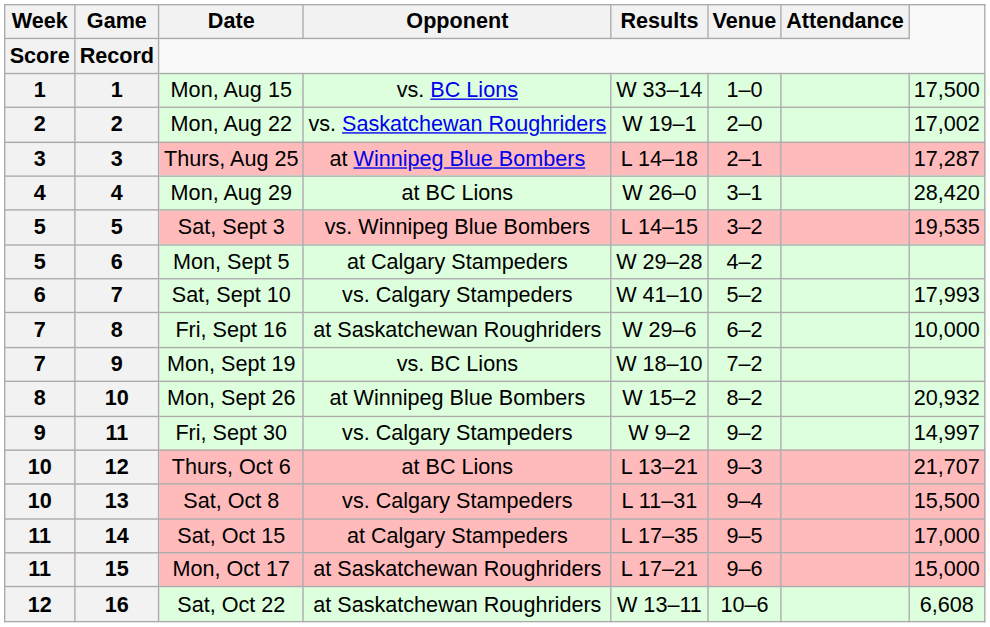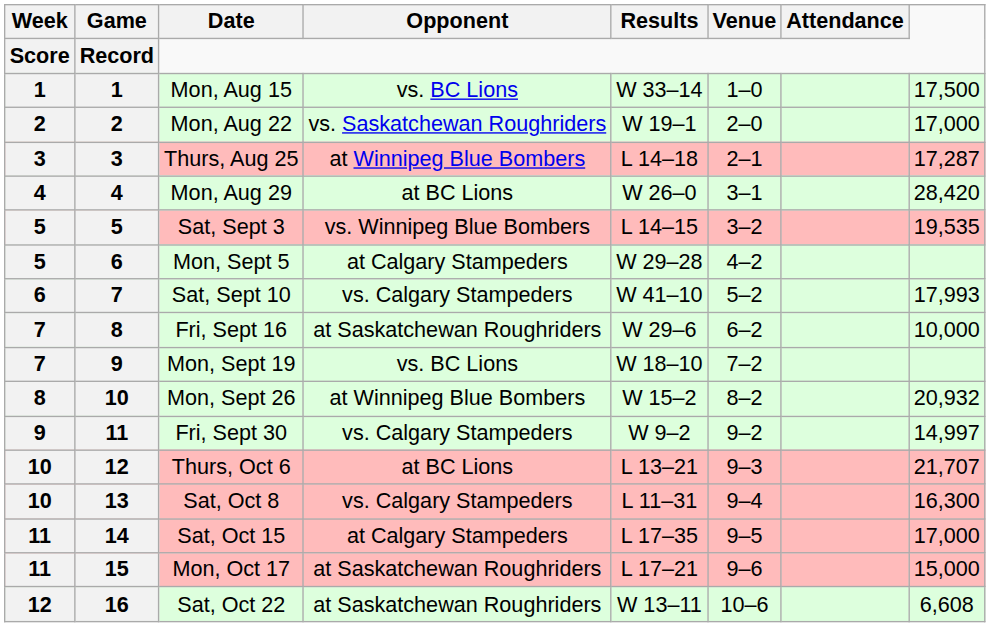 <table class="wikitable" style="text-align:center">
 <tr>
 <th>Week</th>
 <th>Game</th>
 <th>Date</th>
 <th>Opponent</th>
 <th>Results</th>
 <th>Venue</th>
 <th>Attendance</th>
 </tr>
 <tr>
 <th>Score</th>
 <th>Record</th>
 </tr>
 <tr style="background:#ddffdd">
 <th>1</th>
 <th>1</th>
 <td>Mon, Aug 15</td>
 <td>vs. <a href='#'>BC Lions</a></td>
 <td>W 33–14</td>
 <td>1–0</td>
 <td></td>
 <td>17,500</td>
 </tr>
 <tr style="background:#ddffdd">
 <th>2</th>
 <th>2</th>
 <td>Mon, Aug 22</td>
 <td>vs. <a href='#'>Saskatchewan Roughriders</a></td>
 <td>W 19–1</td>
 <td>2–0</td>
 <td></td>
-<td>17,002</td>
+<td>17,000</td>
 </tr>
 <tr style="background:#ffbbbb">
 <th>3</th>
 <th>3</th>
 <td>Thurs, Aug 25</td>
 <td>at <a href='#'>Winnipeg Blue Bombers</a></td>
 <td>L 14–18</td>
 <td>2–1</td>
 <td></td>
 <td>17,287</td>
 </tr>
 <tr style="background:#ddffdd">
 <th>4</th>
 <th>4</th>
 <td>Mon, Aug 29</td>
 <td>at BC Lions</td>
 <td>W 26–0</td>
 <td>3–1</td>
 <td></td>
 <td>28,420</td>
 </tr>
 <tr style="background:#ffbbbb">
 <th>5</th>
 <th>5</th>
 <td>Sat, Sept 3</td>
 <td>vs. Winnipeg Blue Bombers</td>
 <td>L 14–15</td>
 <td>3–2</td>
 <td></td>
 <td>19,535</td>
 </tr>
 <tr style="background:#ddffdd">
 <th>5</th>
 <th>6</th>
 <td>Mon, Sept 5</td>
 <td>at Calgary Stampeders</td>
 <td>W 29–28</td>
 <td>4–2</td>
 <td></td>
 <td></td>
 </tr>
 <tr style="background:#ddffdd">
 <th>6</th>
 <th>7</th>
 <td>Sat, Sept 10</td>
 <td>vs. Calgary Stampeders</td>
 <td>W 41–10</td>
 <td>5–2</td>
 <td></td>
 <td>17,993</td>
 </tr>
 <tr style="background:#ddffdd">
 <th>7</th>
 <th>8</th>
 <td>Fri, Sept 16</td>
 <td>at Saskatchewan Roughriders</td>
 <td>W 29–6</td>
 <td>6–2</td>
 <td></td>
 <td>10,000</td>
 </tr>
 <tr style="background:#ddffdd">
 <th>7</th>
 <th>9</th>
 <td>Mon, Sept 19</td>
 <td>vs. BC Lions</td>
 <td>W 18–10</td>
 <td>7–2</td>
 <td></td>
 <td></td>
 </tr>
 <tr style="background:#ddffdd">
 <th>8</th>
 <th>10</th>
 <td>Mon, Sept 26</td>
 <td>at Winnipeg Blue Bombers</td>
 <td>W 15–2</td>
 <td>8–2</td>
 <td></td>
 <td>20,932</td>
 </tr>
 <tr style="background:#ddffdd">
 <th>9</th>
 <th>11</th>
 <td>Fri, Sept 30</td>
 <td>vs. Calgary Stampeders</td>
 <td>W 9–2</td>
 <td>9–2</td>
 <td></td>
 <td>14,997</td>
 </tr>
 <tr style="background:#ffbbbb">
 <th>10</th>
 <th>12</th>
 <td>Thurs, Oct 6</td>
 <td>at BC Lions</td>
 <td>L 13–21</td>
 <td>9–3</td>
 <td></td>
 <td>21,707</td>
 </tr>
 <tr style="background:#ffbbbb">
 <th>10</th>
 <th>13</th>
 <td>Sat, Oct 8</td>
 <td>vs. Calgary Stampeders</td>
 <td>L 11–31</td>
 <td>9–4</td>
 <td></td>
-<td>15,500</td>
+<td>16,300</td>
 </tr>
 <tr style="background:#ffbbbb">
 <th>11</th>
 <th>14</th>
 <td>Sat, Oct 15</td>
 <td>at Calgary Stampeders</td>
 <td>L 17–35</td>
 <td>9–5</td>
 <td></td>
 <td>17,000</td>
 </tr>
 <tr style="background:#ffbbbb">
 <th>11</th>
 <th>15</th>
 <td>Mon, Oct 17</td>
 <td>at Saskatchewan Roughriders</td>
 <td>L 17–21</td>
 <td>9–6</td>
 <td></td>
 <td>15,000</td>
 </tr>
 <tr style="background:#ddffdd">
 <th>12</th>
 <th>16</th>
 <td>Sat, Oct 22</td>
 <td>at Saskatchewan Roughriders</td>
 <td>W 13–11</td>
 <td>10–6</td>
 <td></td>
 <td>6,608</td>
 </tr>
 </table>
